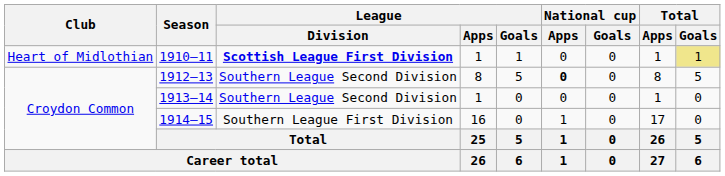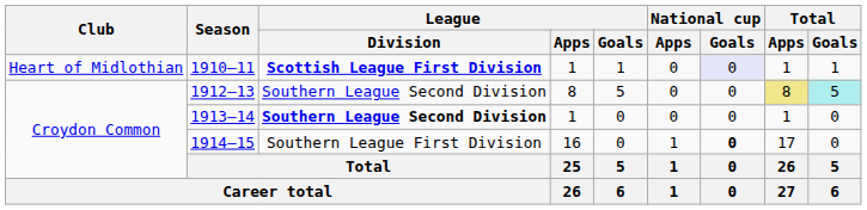 <table class="wikitable" style="text-align: center;">
 <tr>
 <th rowspan="2">Club</th>
 <th rowspan="2">Season</th>
 <th colspan="3">League</th>
 <th colspan="2">National cup</th>
 <th colspan="2">Total</th>
 </tr>
 <tr>
 <th>Division</th>
 <th>Apps</th>
 <th>Goals</th>
 <th>Apps</th>
 <th>Goals</th>
 <th>Apps</th>
 <th>Goals</th>
 </tr>
 <tr>
 <td><a href='#'>Heart of Midlothian</a></td>
 <td><a href='#'>1910–11</a></td>
 <td><strong><a href='#'>Scottish League First Division</a></strong></td>
 <td>1</td>
 <td>1</td>
 <td>0</td>
-<td>0</td>
+<td style="background: lavender;">0</td>
 <td>1</td>
-<td style="background: khaki;">1</td>
+<td>1</td>
 </tr>
 <tr>
 <td rowspan="4"><a href='#'>Croydon Common</a></td>
 <td><a href='#'>1912–13</a></td>
 <td><a href='#'>Southern League</a> Second Division</td>
 <td>8</td>
 <td>5</td>
-<td><strong>0</strong></td>
 <td>0</td>
-<td>8</td>
-<td>5</td>
+<td>0</td>
+<td style="background: khaki;">8</td>
+<td style="background: paleturquoise;">5</td>
 </tr>
 <tr>
 <td><a href='#'>1913–14</a></td>
-<td><a href='#'>Southern League</a> Second Division</td>
+<td><strong><a href='#'>Southern League</a> Second Division</strong></td>
 <td>1</td>
 <td>0</td>
 <td>0</td>
 <td>0</td>
 <td>1</td>
 <td>0</td>
 </tr>
 <tr>
 <td><a href='#'>1914–15</a></td>
 <td>Southern League First Division</td>
 <td>16</td>
 <td>0</td>
 <td>1</td>
-<td>0</td>
+<td><strong>0</strong></td>
 <td>17</td>
 <td>0</td>
 </tr>
 <tr>
 <th colspan="2">Total</th>
 <th>25</th>
 <th>5</th>
 <th>1</th>
 <th>0</th>
 <th>26</th>
 <th>5</th>
 </tr>
 <tr>
 <th colspan="3">Career total</th>
 <th>26</th>
 <th>6</th>
 <th>1</th>
 <th>0</th>
 <th>27</th>
 <th>6</th>
 </tr>
 </table>
